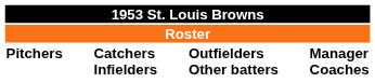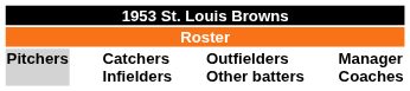 <table class="toccolours" style="font-size: 95%;">
 <tr>
 <th colspan="10" style="background-color: black; color: white; text-align: center;">1953 St. Louis Browns</th>
 </tr>
 <tr>
 <td colspan="10" style="background-color: #F87217; color: white; text-align: center;"><strong>Roster</strong></td>
 </tr>
 <tr>
-<td valign="top"><strong>Pitchers</strong><br>              </td>
+<td valign="top" style="background: lightgrey;"><strong>Pitchers</strong><br>              </td>
 <td width="25px"></td>
 <td valign="top"><strong>Catchers</strong><br>   <strong>Infielders</strong>            </td>
 <td width="25px"></td>
 <td valign="top"><strong>Outfielders</strong><br>       <strong>Other batters</strong> </td>
 <td width="25px"></td>
 <td valign="top"><strong>Manager</strong><br> <strong>Coaches</strong>    </td>
 </tr>
 <tr>
 </tr>
 </table>
